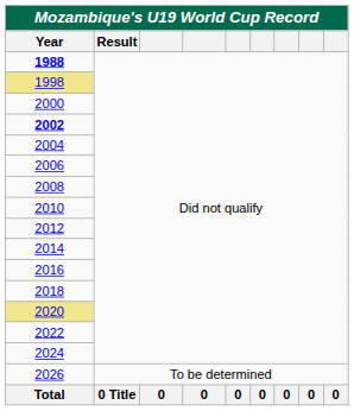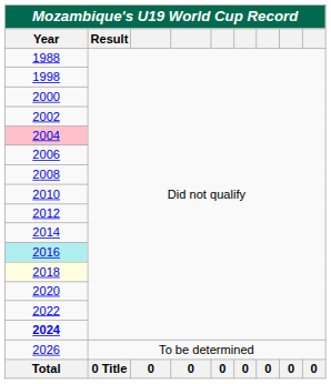 <table class="wikitable" style="font-size:90%; text-align:center">
 <tr>
 <th style="color:white; background:#006A4E;" colspan=9><strong><em><big>Mozambique's U19 World Cup Record</big></em></strong></th>
 </tr>
 <tr>
 <th width="90">Year</th>
 <th>Result</th>
 <th width="40"></th>
 <th width="40"></th>
 <th width="20"></th>
 <th width="20"></th>
 <th width="20"></th>
 <th width="20"></th>
 <th width="20"></th>
 </tr>
 <tr>
-<td><strong> <a href='#'>1988</a></strong></td>
+<td> <a href='#'>1988</a></td>
 <td rowspan=15 colspan=8>Did not qualify</td>
 </tr>
 <tr>
-<td style="background: khaki;"> <a href='#'>1998</a></td>
+<td> <a href='#'>1998</a></td>
 </tr>
 <tr>
 <td> <a href='#'>2000</a></td>
 </tr>
 <tr>
-<td><strong> <a href='#'>2002</a></strong></td>
+<td> <a href='#'>2002</a></td>
 </tr>
 <tr>
-<td> <a href='#'>2004</a></td>
+<td style="background: pink;"> <a href='#'>2004</a></td>
 </tr>
 <tr>
 <td> <a href='#'>2006</a></td>
 </tr>
 <tr>
 <td> <a href='#'>2008</a></td>
 </tr>
 <tr>
 <td> <a href='#'>2010</a></td>
 </tr>
 <tr>
 <td> <a href='#'>2012</a></td>
 </tr>
 <tr>
 <td> <a href='#'>2014</a></td>
 </tr>
 <tr>
-<td> <a href='#'>2016</a></td>
+<td style="background: paleturquoise;"> <a href='#'>2016</a></td>
 </tr>
 <tr>
-<td> <a href='#'>2018</a></td>
+<td style="background: lightyellow;"> <a href='#'>2018</a></td>
 </tr>
 <tr>
-<td style="background: khaki;"> <a href='#'>2020</a></td>
+<td> <a href='#'>2020</a></td>
 </tr>
 <tr>
 <td> <a href='#'>2022</a></td>
 </tr>
 <tr>
-<td> <a href='#'>2024</a></td>
+<td><strong> <a href='#'>2024</a></strong></td>
 </tr>
 <tr>
 <td>  <a href='#'>2026</a></td>
 <td colspan=8>To be determined</td>
 </tr>
 <tr>
 <th>Total</th>
 <th>0 Title</th>
 <th>0</th>
 <th>0</th>
 <th>0</th>
 <th>0</th>
 <th>0</th>
 <th>0</th>
 <th>0</th>
 </tr>
 </table>
